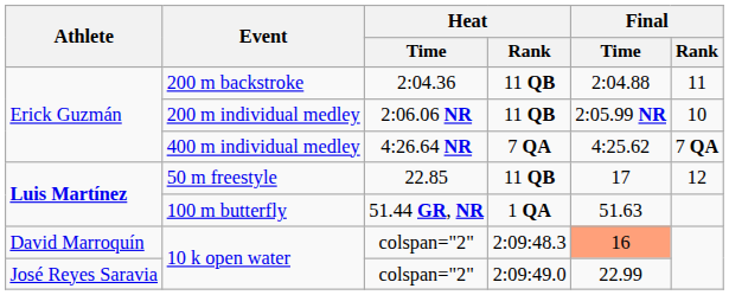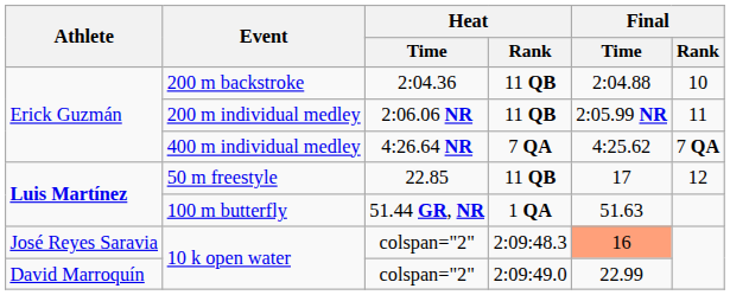 <table class=wikitable style="font-size:90%">
 <tr>
 <th rowspan="2">Athlete</th>
 <th rowspan="2">Event</th>
 <th colspan="2">Heat</th>
 <th colspan="2">Final</th>
 </tr>
 <tr style="font-size:95%">
 <th>Time</th>
 <th>Rank</th>
 <th>Time</th>
 <th>Rank</th>
 </tr>
 <tr align=center>
 <td align=left rowspan="3"><a href='#'>Erick Guzmán</a></td>
 <td align=left><a href='#'>200 m backstroke</a></td>
 <td>2:04.36</td>
 <td>11 <strong>QB</strong></td>
 <td>2:04.88</td>
-<td>11</td>
+<td>10</td>
 </tr>
 <tr align=center>
 <td align=left><a href='#'>200 m individual medley</a></td>
 <td>2:06.06 <strong><a href='#'>NR</a></strong></td>
 <td>11 <strong>QB</strong></td>
 <td>2:05.99 <strong><a href='#'>NR</a></strong></td>
-<td>10</td>
+<td>11</td>
 </tr>
 <tr align=center>
 <td align=left><a href='#'>400 m individual medley</a></td>
 <td>4:26.64 <strong><a href='#'>NR</a></strong></td>
 <td>7 <strong>QA</strong></td>
 <td>4:25.62</td>
 <td>7 <strong>QA</strong></td>
 </tr>
 <tr align=center>
 <td align=left rowspan="2"><strong><a href='#'>Luis Martínez</a></strong></td>
 <td align=left><a href='#'>50 m freestyle</a></td>
 <td>22.85</td>
 <td>11 <strong>QB</strong></td>
 <td>17</td>
 <td>12</td>
 </tr>
 <tr align=center>
 <td align=left><a href='#'>100 m butterfly</a></td>
 <td>51.44 <strong><a href='#'>GR</a></strong>, <strong><a href='#'>NR</a></strong></td>
 <td>1 <strong>QA</strong></td>
 <td>51.63</td>
 <td></td>
 </tr>
 <tr align=center>
-<td align=left><a href='#'>David Marroquín</a></td>
+<td align=left><a href='#'>José Reyes Saravia</a></td>
 <td align=left rowspan=2><a href='#'>10 k open water</a></td>
 <td>colspan="2" </td>
 <td>2:09:48.3</td>
 <td style="background: lightsalmon;">16</td>
 </tr>
 <tr align=center>
-<td align=left><a href='#'>José Reyes Saravia</a></td>
+<td align=left><a href='#'>David Marroquín</a></td>
 <td>colspan="2" </td>
 <td>2:09:49.0</td>
 <td>22.99</td>
 </tr>
 </table>
